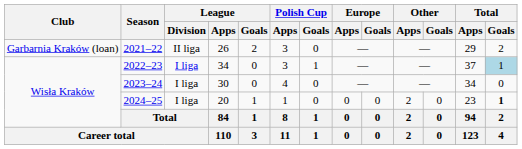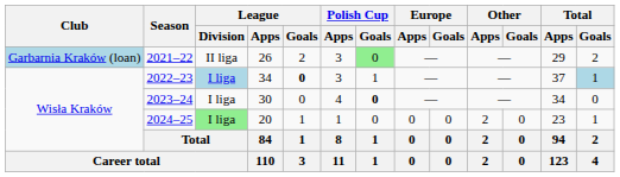 <table class="wikitable" style="text-align: center;">
 <tr>
 <th rowspan="2">Club</th>
 <th rowspan="2">Season</th>
 <th colspan="3">League</th>
 <th colspan="2"><a href='#'>Polish Cup</a></th>
 <th colspan="2">Europe</th>
 <th colspan="2">Other</th>
 <th colspan="2">Total</th>
 </tr>
 <tr>
 <th>Division</th>
 <th>Apps</th>
 <th>Goals</th>
 <th>Apps</th>
 <th>Goals</th>
 <th>Apps</th>
 <th>Goals</th>
 <th>Apps</th>
 <th>Goals</th>
 <th>Apps</th>
 <th>Goals</th>
 </tr>
 <tr>
-<td><a href='#'>Garbarnia Kraków</a> (loan)</td>
+<td style="background: lightblue;"><a href='#'>Garbarnia Kraków</a> (loan)</td>
 <td><a href='#'>2021–22</a></td>
 <td>II liga</td>
 <td>26</td>
 <td>2</td>
 <td>3</td>
-<td>0</td>
+<td style="background: lightgreen;">0</td>
 <td colspan="2">—</td>
 <td colspan="2">—</td>
 <td>29</td>
 <td>2</td>
 </tr>
 <tr>
 <td rowspan=4><a href='#'>Wisła Kraków</a></td>
 <td><a href='#'>2022–23</a></td>
-<td><a href='#'>I liga</a></td>
+<td style="background: lightblue;"><a href='#'>I liga</a></td>
 <td>34</td>
-<td>0</td>
+<td><strong>0</strong></td>
 <td>3</td>
 <td>1</td>
 <td colspan="2">—</td>
 <td colspan="2">—</td>
 <td>37</td>
 <td style="background: lightblue;">1</td>
 </tr>
 <tr>
 <td><a href='#'>2023–24</a></td>
 <td>I liga</td>
 <td>30</td>
 <td>0</td>
 <td>4</td>
-<td>0</td>
+<td><strong>0</strong></td>
 <td colspan="2">—</td>
 <td colspan="2">—</td>
 <td>34</td>
 <td>0</td>
 </tr>
 <tr>
 <td><a href='#'>2024–25</a></td>
-<td>I liga</td>
+<td style="background: lightgreen;">I liga</td>
 <td>20</td>
 <td>1</td>
 <td>1</td>
 <td>0</td>
 <td>0</td>
 <td>0</td>
 <td>2</td>
 <td>0</td>
 <td>23</td>
-<td><strong>1</strong></td>
+<td>1</td>
 </tr>
 <tr>
 <th colspan="2">Total</th>
 <th>84</th>
 <th>1</th>
 <th>8</th>
 <th>1</th>
 <th>0</th>
 <th>0</th>
 <th>2</th>
 <th>0</th>
 <th>94</th>
 <th>2</th>
 </tr>
 <tr>
 <th colspan="3">Career total</th>
 <th>110</th>
 <th>3</th>
 <th>11</th>
 <th>1</th>
 <th>0</th>
 <th>0</th>
 <th>2</th>
 <th>0</th>
 <th>123</th>
 <th>4</th>
 </tr>
 </table>
